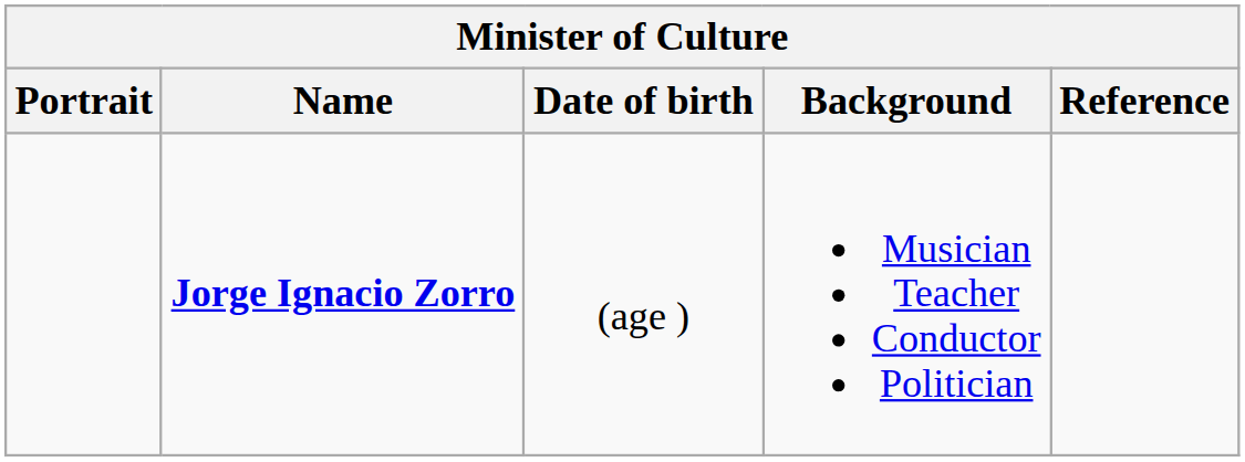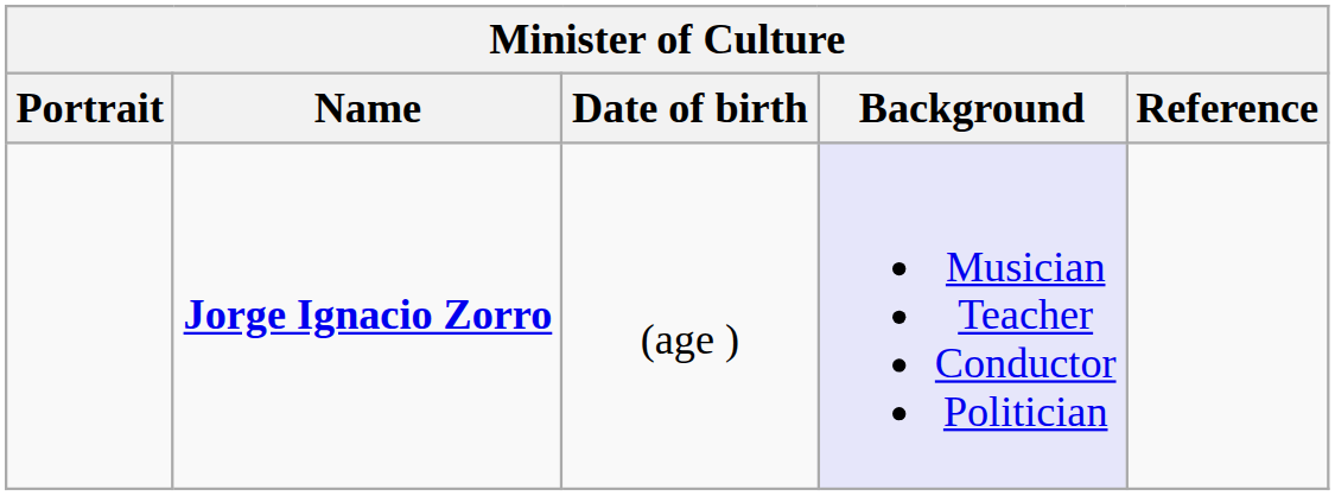 <table class="wikitable collapsible" style="text-align:center;">
 <tr>
 <th colspan="5">Minister of Culture</th>
 </tr>
 <tr>
 <th>Portrait</th>
 <th>Name</th>
 <th>Date of birth</th>
 <th>Background</th>
 <th>Reference</th>
 </tr>
 <tr>
 <td></td>
 <td><strong><a href='#'>Jorge Ignacio Zorro</a></strong></td>
 <td><br>(age )</td>
-<td><br><ul><li><a href='#'>Musician</a></li><li><a href='#'>Teacher</a></li><li><a href='#'>Conductor</a></li><li><a href='#'>Politician</a></li></ul></td>
+<td style="background: lavender;"><br><ul><li><a href='#'>Musician</a></li><li><a href='#'>Teacher</a></li><li><a href='#'>Conductor</a></li><li><a href='#'>Politician</a></li></ul></td>
 <td></td>
 </tr>
 </table>
